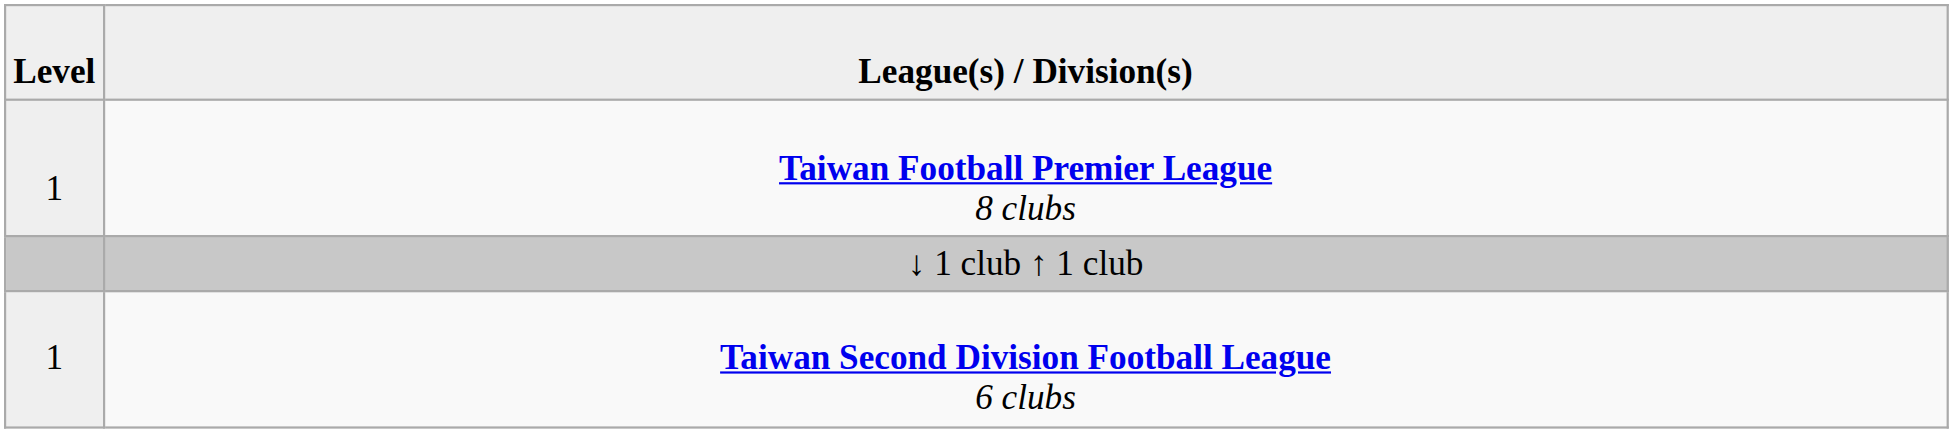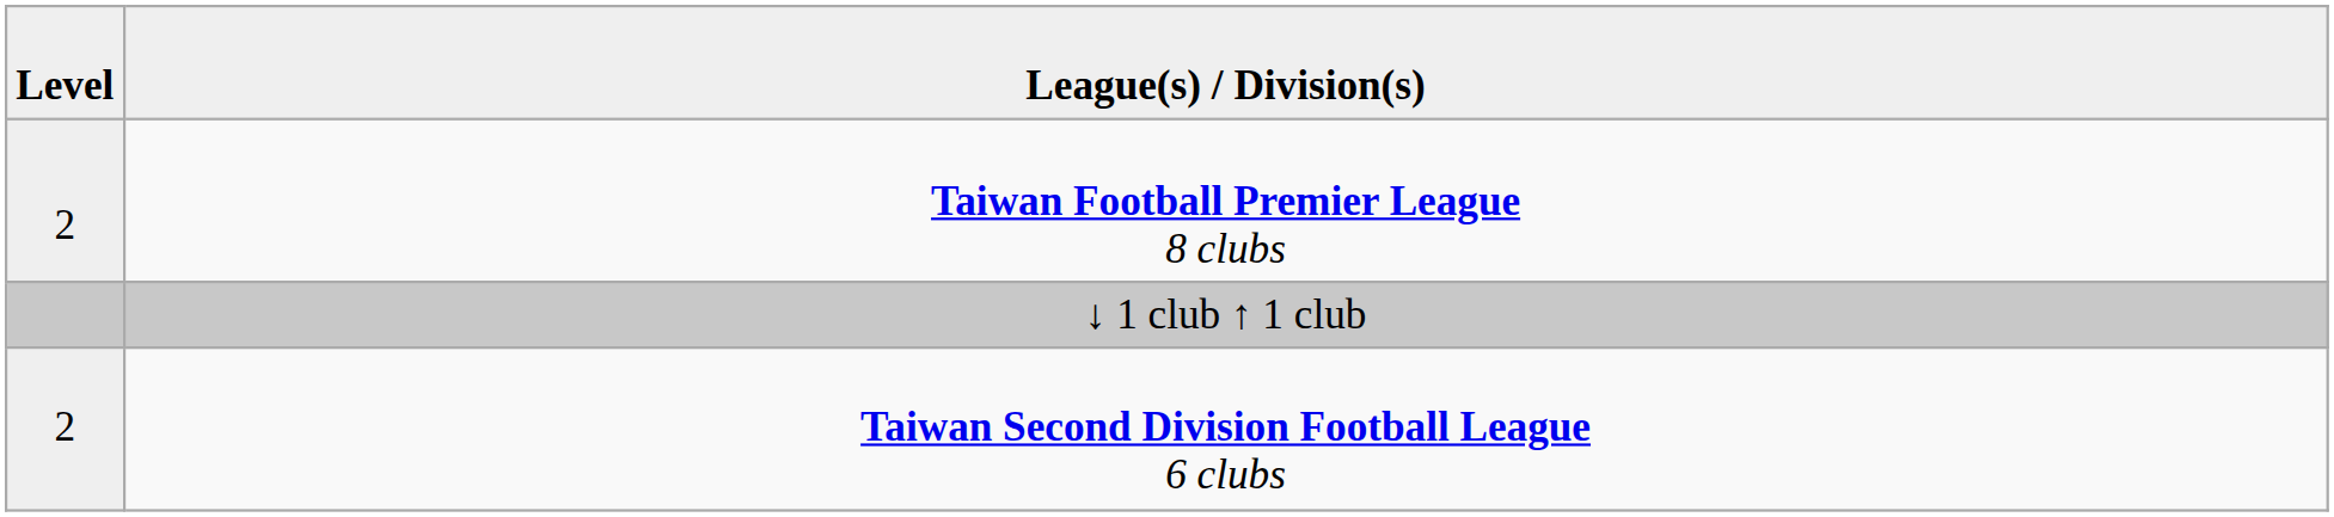 <table class = "wikitable" style="text-align:center; width:100%;">
 <tr style = "background:#efefef;">
 <td style = "width:4%; text-align:center;"><br><strong>Level</strong></td>
 <td colspan = "11" style = "width:96%; text-align:center;"><br><strong>League(s) / Division(s)</strong></td>
 </tr>
 <tr>
-<td style = "text-align:center; width:4%; background:#efefef;"><br>1</td>
+<td style = "text-align:center; width:4%; background:#efefef;"><br>2</td>
 <td colspan = "11" style = "width:96%; text-align:center;"><br><strong><a href='#'>Taiwan Football Premier League</a></strong><br> <em>8 clubs</em><br></td>
 </tr>
 <tr style = "background:#c8c8c8">
 <td style = "width:4%;"></td>
 <td colspan = "9" style="width:96%;">↓ 1 club ↑ 1 club</td>
 </tr>
 <tr>
-<td style = "text-align:center; width:4%; background:#efefef;">1</td>
+<td style = "text-align:center; width:4%; background:#efefef;">2</td>
 <td colspan = "11" style="width:96%; text-align:center;"><br><strong><a href='#'>Taiwan Second Division Football League</a></strong><br> <em>6 clubs</em></td>
 </tr>
 </table>
